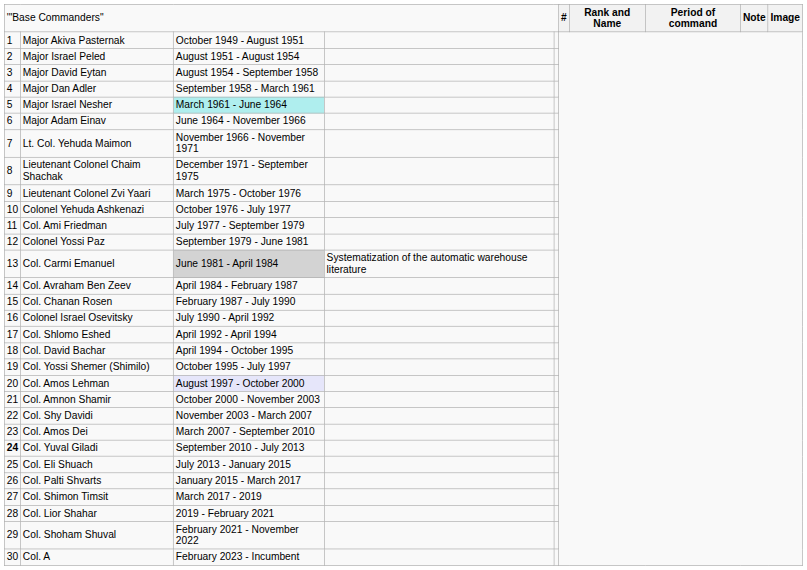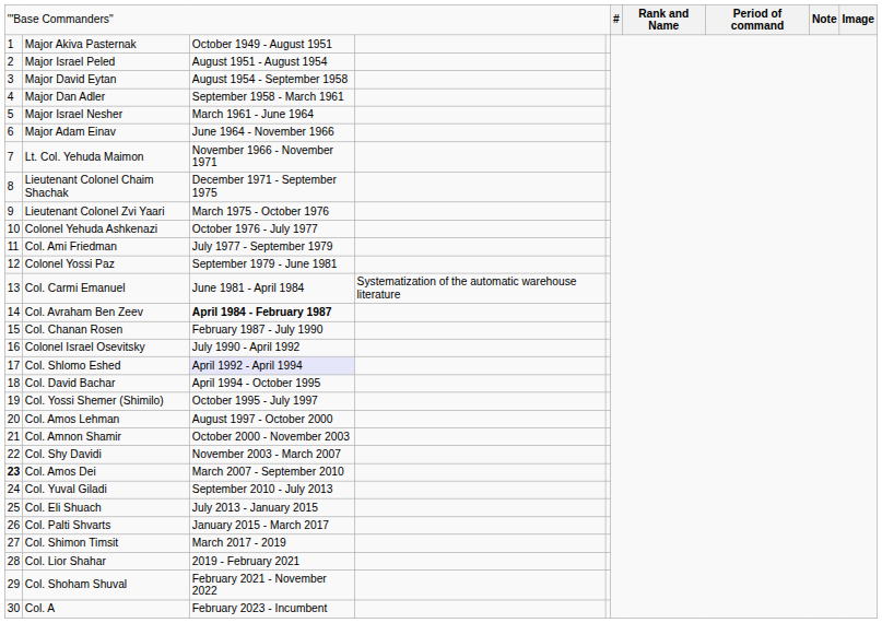 <table border="1" align="center""| class="wikitable mw-collapsible mw-collapsed">
 <tr>
 <td colspan="6">'"Base Commanders"</td>
 <th>#</th>
 <th>Rank and Name</th>
 <th>Period of command</th>
 <th>Note</th>
 <th>Image</th>
 </tr>
 <tr>
 <td>1</td>
 <td>Major Akiva Pasternak</td>
 <td>October 1949 - August 1951</td>
 <td></td>
 <td></td>
 </tr>
 <tr>
 <td>2</td>
 <td>Major Israel Peled</td>
 <td>August 1951 - August 1954</td>
 <td></td>
 <td></td>
 </tr>
 <tr>
 <td>3</td>
 <td>Major David Eytan</td>
 <td>August 1954 - September 1958</td>
 <td></td>
 <td></td>
 </tr>
 <tr>
 <td>4</td>
 <td>Major Dan Adler</td>
 <td>September 1958 - March 1961</td>
 <td></td>
 <td></td>
 </tr>
 <tr>
 <td>5</td>
 <td>Major Israel Nesher</td>
-<td style="background: paleturquoise;">March 1961 - June 1964</td>
+<td>March 1961 - June 1964</td>
 <td></td>
 <td></td>
 </tr>
 <tr>
 <td>6</td>
 <td>Major Adam Einav</td>
 <td>June 1964 - November 1966</td>
 <td></td>
 <td></td>
 </tr>
 <tr>
 <td>7</td>
 <td>Lt. Col. Yehuda Maimon</td>
 <td>November 1966 - November 1971</td>
 <td></td>
 <td></td>
 </tr>
 <tr>
 <td>8</td>
 <td>Lieutenant Colonel Chaim Shachak</td>
 <td>December 1971 - September 1975</td>
 <td></td>
 <td></td>
 </tr>
 <tr>
 <td>9</td>
 <td>Lieutenant Colonel Zvi Yaari</td>
 <td>March 1975 - October 1976</td>
 <td></td>
 <td></td>
 </tr>
 <tr>
 <td>10</td>
 <td>Colonel Yehuda Ashkenazi</td>
 <td>October 1976 - July 1977</td>
 <td></td>
 <td></td>
 </tr>
 <tr>
 <td>11</td>
 <td>Col. Ami Friedman</td>
 <td>July 1977 - September 1979</td>
 <td></td>
 <td></td>
 </tr>
 <tr>
 <td>12</td>
 <td>Colonel Yossi Paz</td>
 <td>September 1979 - June 1981</td>
 <td></td>
 <td></td>
 </tr>
 <tr>
 <td>13</td>
 <td>Col. Carmi Emanuel</td>
-<td style="background: lightgrey;">June 1981 - April 1984</td>
+<td>June 1981 - April 1984</td>
 <td>Systematization of the automatic warehouse literature</td>
 <td></td>
 </tr>
 <tr>
 <td>14</td>
 <td>Col. Avraham Ben Zeev</td>
-<td>April 1984 - February 1987</td>
+<td><strong>April 1984 - February 1987</strong></td>
 <td></td>
 <td></td>
 </tr>
 <tr>
 <td>15</td>
 <td>Col. Chanan Rosen</td>
 <td>February 1987 - July 1990</td>
 <td></td>
 <td></td>
 </tr>
 <tr>
 <td>16</td>
 <td>Colonel Israel Osevitsky</td>
 <td>July 1990 - April 1992</td>
 <td></td>
 <td></td>
 </tr>
 <tr>
 <td>17</td>
 <td>Col. Shlomo Eshed</td>
-<td>April 1992 - April 1994</td>
+<td style="background: lavender;">April 1992 - April 1994</td>
 <td></td>
 <td></td>
 </tr>
 <tr>
 <td>18</td>
 <td>Col. David Bachar</td>
 <td>April 1994 - October 1995</td>
 <td></td>
 <td></td>
 </tr>
 <tr>
 <td>19</td>
 <td>Col. Yossi Shemer (Shimilo)</td>
 <td>October 1995 - July 1997</td>
 <td></td>
 <td></td>
 </tr>
 <tr>
 <td>20</td>
 <td>Col. Amos Lehman</td>
-<td style="background: lavender;">August 1997 - October 2000</td>
+<td>August 1997 - October 2000</td>
 <td></td>
 <td></td>
 </tr>
 <tr>
 <td>21</td>
 <td>Col. Amnon Shamir</td>
 <td>October 2000 - November 2003</td>
 <td></td>
 <td></td>
 </tr>
 <tr>
 <td>22</td>
 <td>Col. Shy Davidi</td>
 <td>November 2003 - March 2007</td>
 <td></td>
 <td></td>
 </tr>
 <tr>
-<td>23</td>
+<td><strong>23</strong></td>
 <td>Col. Amos Dei</td>
 <td>March 2007 - September 2010</td>
 <td></td>
 <td></td>
 </tr>
 <tr>
-<td><strong>24</strong></td>
+<td>24</td>
 <td>Col. Yuval Giladi</td>
 <td>September 2010 - July 2013</td>
 <td></td>
 <td></td>
 </tr>
 <tr>
 <td>25</td>
 <td>Col. Eli Shuach</td>
 <td>July 2013 - January 2015</td>
 <td></td>
 <td></td>
 </tr>
 <tr>
 <td>26</td>
 <td>Col. Palti Shvarts</td>
 <td>January 2015 - March 2017</td>
 <td></td>
 <td></td>
 </tr>
 <tr>
 <td>27</td>
 <td>Col. Shimon Timsit</td>
 <td>March 2017 - 2019</td>
 <td></td>
 <td></td>
 </tr>
 <tr>
 <td>28</td>
 <td>Col. Lior Shahar</td>
 <td>2019 - February 2021</td>
 <td></td>
 <td></td>
 </tr>
 <tr>
 <td>29</td>
 <td>Col. Shoham Shuval</td>
 <td>February 2021 - November 2022</td>
 <td></td>
 <td></td>
 </tr>
 <tr>
 <td>30</td>
 <td>Col. A</td>
 <td>February 2023 - Incumbent</td>
 <td></td>
 <td></td>
 </tr>
 </table>
